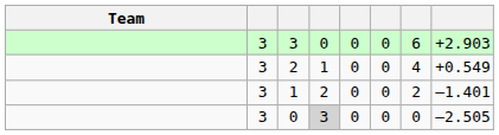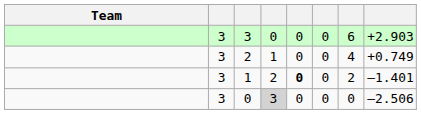 <table class="wikitable" style="text-align:center">
 <tr>
 <th width=200>Team</th>
 <th width=20></th>
 <th width=20></th>
 <th width=20></th>
 <th width=20></th>
 <th width=20></th>
 <th width=20></th>
 <th width=45></th>
 </tr>
 <tr bgcolor=ccffcc>
 <td align="left"></td>
 <td>3</td>
 <td>3</td>
 <td>0</td>
 <td>0</td>
 <td>0</td>
 <td>6</td>
 <td>+2.903</td>
 </tr>
 <tr>
 <td align="left"></td>
 <td>3</td>
 <td>2</td>
 <td>1</td>
 <td>0</td>
 <td>0</td>
 <td>4</td>
-<td>+0.549</td>
+<td>+0.749</td>
 </tr>
 <tr>
 <td align="left"></td>
 <td>3</td>
 <td>1</td>
 <td>2</td>
-<td>0</td>
+<td><strong>0</strong></td>
 <td>0</td>
 <td>2</td>
 <td>–1.401</td>
 </tr>
 <tr>
 <td align="left"></td>
 <td>3</td>
 <td>0</td>
 <td style="background: lightgrey;">3</td>
 <td>0</td>
 <td>0</td>
 <td>0</td>
-<td>–2.505</td>
+<td>–2.506</td>
 </tr>
 </table>
